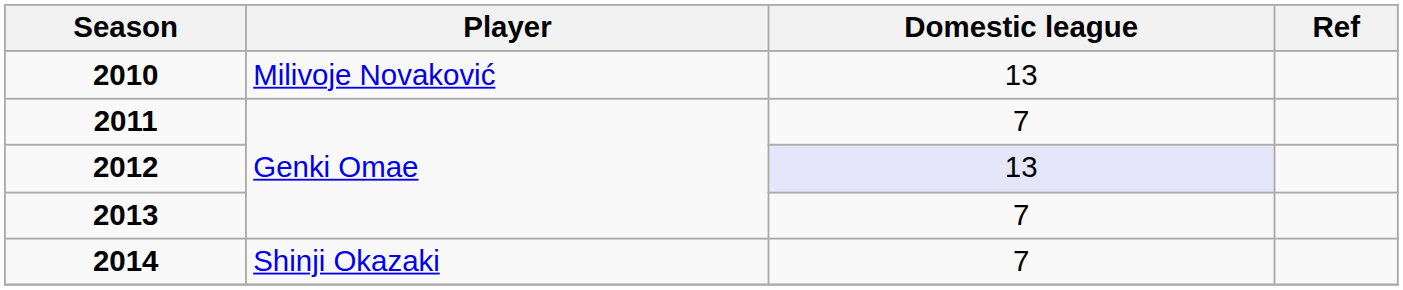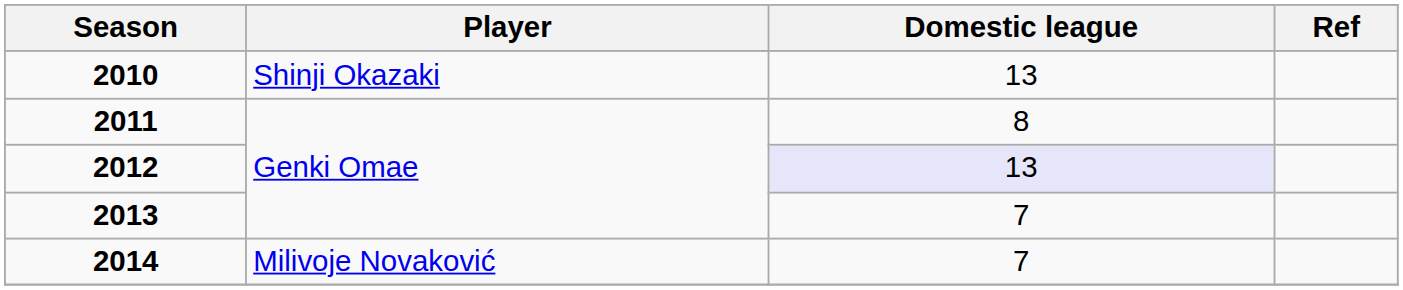 <table class="wikitable sortable" style="width:60%; align:center; text-align:center">
 <tr>
 <th>Season</th>
 <th class="unsortable">Player</th>
 <th>Domestic league</th>
 <th>Ref</th>
 </tr>
 <tr>
 <td><strong>2010</strong></td>
-<td align="left"> <a href='#'>Milivoje Novaković</a></td>
+<td align="left"> <a href='#'>Shinji Okazaki</a></td>
 <td>13</td>
 <td></td>
 </tr>
 <tr>
 <td><strong>2011</strong></td>
 <td align="left" rowspan=3> <a href='#'>Genki Omae</a></td>
-<td>7</td>
+<td>8</td>
 <td></td>
 </tr>
 <tr>
 <td><strong>2012</strong></td>
 <td style="background: lavender;">13</td>
 <td></td>
 </tr>
 <tr>
 <td><strong>2013</strong></td>
 <td>7</td>
 <td></td>
 </tr>
 <tr>
 <td><strong>2014</strong></td>
-<td align="left"> <a href='#'>Shinji Okazaki</a></td>
+<td align="left"> <a href='#'>Milivoje Novaković</a></td>
 <td>7</td>
 <td></td>
 </tr>
 <tr>
 </tr>
 </table>
